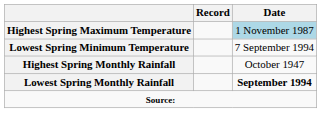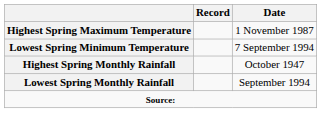 <table class="wikitable" style="margin: 0 auto 0 auto; text-align:center">
 <tr>
 <th></th>
 <th>Record</th>
 <th>Date</th>
 </tr>
 <tr>
 <th>Highest Spring Maximum Temperature</th>
 <td></td>
-<td style="background: lightblue;">1 November 1987</td>
+<td>1 November 1987</td>
 </tr>
 <tr>
 <th>Lowest Spring Minimum Temperature</th>
 <td></td>
 <td>7 September 1994</td>
 </tr>
 <tr>
 <th>Highest Spring Monthly Rainfall</th>
 <td></td>
 <td>October 1947</td>
 </tr>
 <tr>
 <th>Lowest Spring Monthly Rainfall</th>
 <td></td>
-<td><strong>September 1994</strong></td>
+<td>September 1994</td>
 </tr>
 <tr>
 <td colspan="15" style="text-align: center;"><small><strong>Source:</strong></small></td>
 </tr>
 </table>
